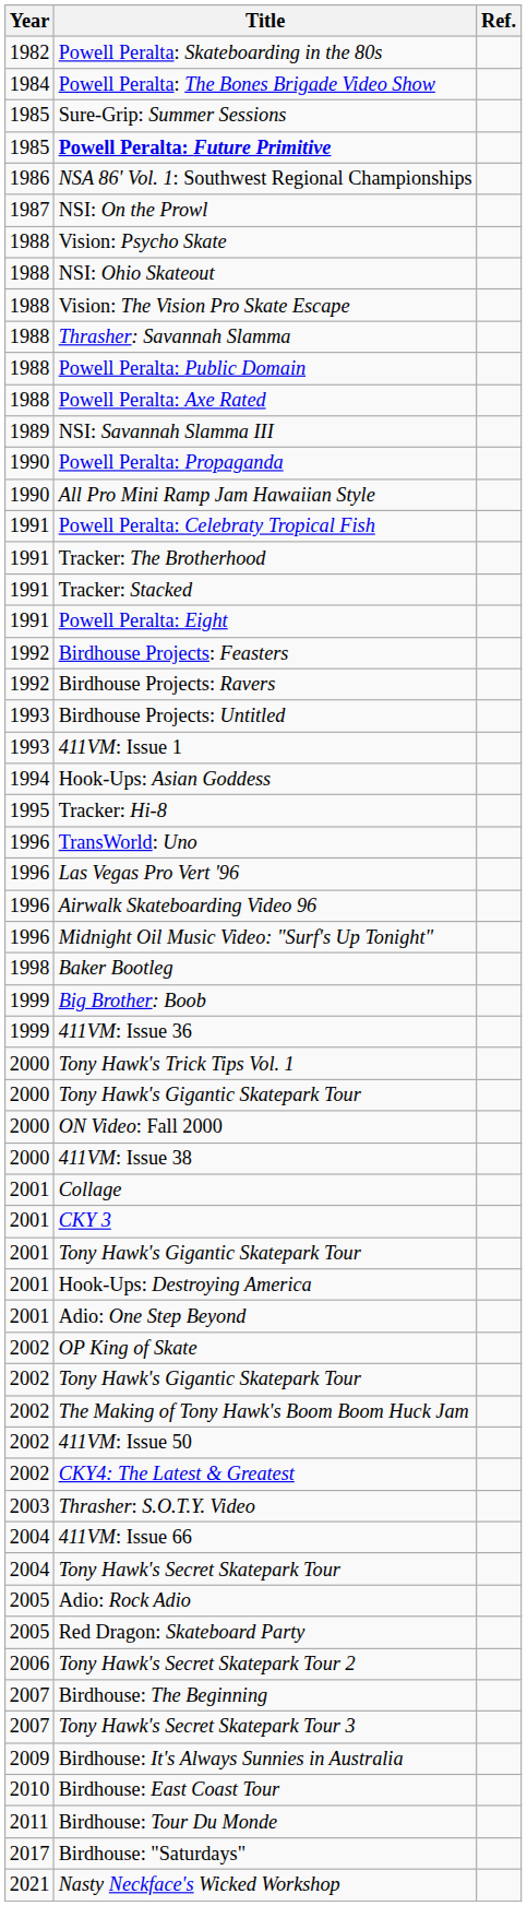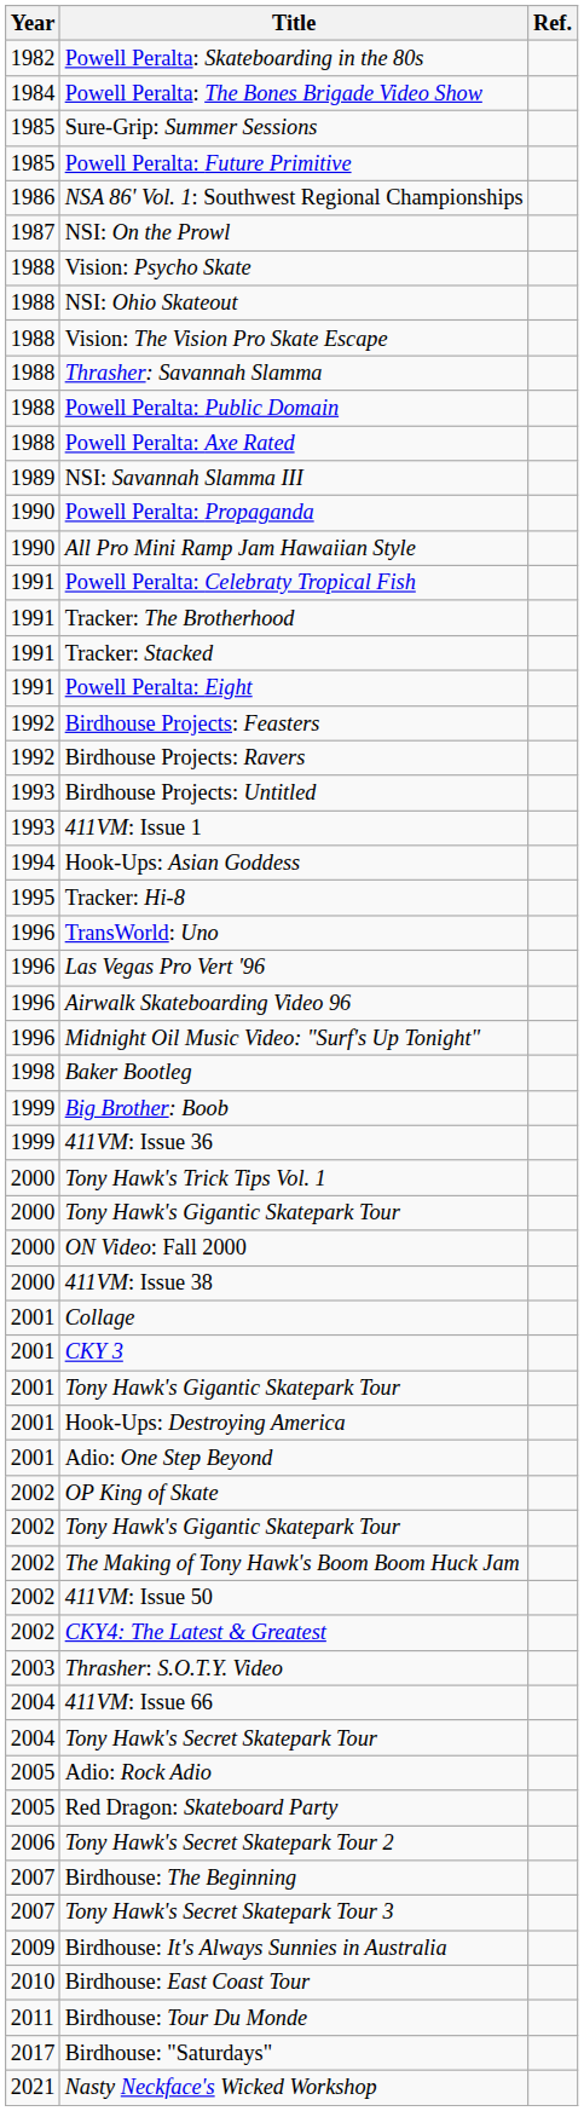 <table class="wikitable">
 <tr>
 <th>Year</th>
 <th>Title</th>
 <th>Ref.</th>
 </tr>
 <tr>
 <td>1982</td>
 <td><a href='#'>Powell Peralta</a>: <em>Skateboarding in the 80s</em></td>
 <td></td>
 </tr>
 <tr>
 <td>1984</td>
 <td><a href='#'>Powell Peralta</a>: <a href='#'><em>The Bones Brigade Video Show</em></a></td>
 <td></td>
 </tr>
 <tr>
 <td>1985</td>
 <td>Sure-Grip: <em>Summer Sessions</em></td>
 <td></td>
 </tr>
 <tr>
 <td>1985</td>
-<td><strong><a href='#'>Powell Peralta: <em>Future Primitive</em></a></strong></td>
+<td><a href='#'>Powell Peralta: <em>Future Primitive</em></a></td>
 <td></td>
 </tr>
 <tr>
 <td>1986</td>
 <td><em>NSA 86' Vol. 1</em>: Southwest Regional Championships</td>
 <td></td>
 </tr>
 <tr>
 <td>1987</td>
 <td>NSI: <em>On the Prowl</em></td>
 <td></td>
 </tr>
 <tr>
 <td>1988</td>
 <td>Vision: <em>Psycho Skate</em></td>
 <td></td>
 </tr>
 <tr>
 <td>1988</td>
 <td>NSI: <em>Ohio Skateout</em></td>
 <td></td>
 </tr>
 <tr>
 <td>1988</td>
 <td>Vision: <em>The Vision Pro Skate Escape</em></td>
 <td></td>
 </tr>
 <tr>
 <td>1988</td>
 <td><em><a href='#'>Thrasher</a>:</em> <em>Savannah Slamma</em></td>
 <td></td>
 </tr>
 <tr>
 <td>1988</td>
 <td><a href='#'>Powell Peralta: <em>Public Domain</em></a></td>
 <td></td>
 </tr>
 <tr>
 <td>1988</td>
 <td><a href='#'>Powell Peralta: <em>Axe Rated</em></a></td>
 <td></td>
 </tr>
 <tr>
 <td>1989</td>
 <td>NSI: <em>Savannah Slamma III</em></td>
 <td></td>
 </tr>
 <tr>
 <td>1990</td>
 <td><a href='#'>Powell Peralta: <em>Propaganda</em></a></td>
 <td></td>
 </tr>
 <tr>
 <td>1990</td>
 <td><em>All Pro Mini Ramp Jam Hawaiian Style</em></td>
 <td></td>
 </tr>
 <tr>
 <td>1991</td>
 <td><a href='#'>Powell Peralta: <em>Celebraty Tropical Fish</em></a></td>
 <td></td>
 </tr>
 <tr>
 <td>1991</td>
 <td>Tracker: <em>The Brotherhood</em></td>
 <td></td>
 </tr>
 <tr>
 <td>1991</td>
 <td>Tracker: <em>Stacked</em></td>
 <td></td>
 </tr>
 <tr>
 <td>1991</td>
 <td><a href='#'>Powell Peralta: <em>Eight</em></a></td>
 <td></td>
 </tr>
 <tr>
 <td>1992</td>
 <td><a href='#'>Birdhouse Projects</a>: <em>Feasters</em></td>
 <td></td>
 </tr>
 <tr>
 <td>1992</td>
 <td>Birdhouse Projects: <em>Ravers</em></td>
 <td></td>
 </tr>
 <tr>
 <td>1993</td>
 <td>Birdhouse Projects: <em>Untitled</em></td>
 <td></td>
 </tr>
 <tr>
 <td>1993</td>
 <td><em>411VM</em>: Issue 1</td>
 <td></td>
 </tr>
 <tr>
 <td>1994</td>
 <td>Hook-Ups: <em>Asian Goddess</em></td>
 <td></td>
 </tr>
 <tr>
 <td>1995</td>
 <td>Tracker: <em>Hi-8</em></td>
 <td></td>
 </tr>
 <tr>
 <td>1996</td>
 <td><a href='#'>TransWorld</a>: <em>Uno</em></td>
 <td></td>
 </tr>
 <tr>
 <td>1996</td>
 <td><em>Las Vegas Pro Vert '96</em></td>
 <td></td>
 </tr>
 <tr>
 <td>1996</td>
 <td><em>Airwalk Skateboarding Video 96</em></td>
 <td></td>
 </tr>
 <tr>
 <td>1996</td>
 <td><em>Midnight Oil Music Video: "Surf's Up Tonight"</em></td>
 <td></td>
 </tr>
 <tr>
 <td>1998</td>
 <td><em>Baker Bootleg</em></td>
 <td></td>
 </tr>
 <tr>
 <td>1999</td>
 <td><em><a href='#'>Big Brother</a>: Boob</em></td>
 <td></td>
 </tr>
 <tr>
 <td>1999</td>
 <td><em>411VM</em>: Issue 36</td>
 <td></td>
 </tr>
 <tr>
 <td>2000</td>
 <td><em>Tony Hawk's Trick Tips Vol. 1</em></td>
 <td></td>
 </tr>
 <tr>
 <td>2000</td>
 <td><em>Tony Hawk's Gigantic Skatepark Tour</em></td>
 <td></td>
 </tr>
 <tr>
 <td>2000</td>
 <td><em>ON Video</em>: Fall 2000</td>
 <td></td>
 </tr>
 <tr>
 <td>2000</td>
 <td><em>411VM</em>: Issue 38</td>
 <td></td>
 </tr>
 <tr>
 <td>2001</td>
 <td><em>Collage</em></td>
 <td></td>
 </tr>
 <tr>
 <td>2001</td>
 <td><em><a href='#'>CKY 3</a></em></td>
 <td></td>
 </tr>
 <tr>
 <td>2001</td>
 <td><em>Tony Hawk's Gigantic Skatepark Tour</em></td>
 <td></td>
 </tr>
 <tr>
 <td>2001</td>
 <td>Hook-Ups: <em>Destroying America</em></td>
 <td></td>
 </tr>
 <tr>
 <td>2001</td>
 <td>Adio: <em>One Step Beyond</em></td>
 <td></td>
 </tr>
 <tr>
 <td>2002</td>
 <td><em>OP King of Skate</em></td>
 <td></td>
 </tr>
 <tr>
 <td>2002</td>
 <td><em>Tony Hawk's Gigantic Skatepark Tour</em></td>
 <td></td>
 </tr>
 <tr>
 <td>2002</td>
 <td><em>The Making of Tony Hawk's Boom Boom Huck Jam</em></td>
 <td></td>
 </tr>
 <tr>
 <td>2002</td>
 <td><em>411VM</em>: Issue 50</td>
 <td></td>
 </tr>
 <tr>
 <td>2002</td>
 <td><em><a href='#'>CKY4: The Latest & Greatest</a></em></td>
 <td></td>
 </tr>
 <tr>
 <td>2003</td>
 <td><em>Thrasher</em>: <em>S.O.T.Y. Video</em></td>
 <td></td>
 </tr>
 <tr>
 <td>2004</td>
 <td><em>411VM</em>: Issue 66</td>
 <td></td>
 </tr>
 <tr>
 <td>2004</td>
 <td><em>Tony Hawk's Secret Skatepark Tour</em></td>
 <td></td>
 </tr>
 <tr>
 <td>2005</td>
 <td>Adio: <em>Rock Adio</em></td>
 <td></td>
 </tr>
 <tr>
 <td>2005</td>
 <td>Red Dragon: <em>Skateboard Party</em></td>
 <td></td>
 </tr>
 <tr>
 <td>2006</td>
 <td><em>Tony Hawk's Secret Skatepark Tour 2</em></td>
 <td></td>
 </tr>
 <tr>
 <td>2007</td>
 <td>Birdhouse: <em>The Beginning</em></td>
 <td></td>
 </tr>
 <tr>
 <td>2007</td>
 <td><em>Tony Hawk's Secret Skatepark Tour 3</em></td>
 <td></td>
 </tr>
 <tr>
 <td>2009</td>
 <td>Birdhouse: <em>It's Always Sunnies in Australia</em></td>
 <td></td>
 </tr>
 <tr>
 <td>2010</td>
 <td>Birdhouse: <em>East Coast Tour</em></td>
 <td></td>
 </tr>
 <tr>
 <td>2011</td>
 <td>Birdhouse: <em>Tour Du Monde</em></td>
 <td></td>
 </tr>
 <tr>
 <td>2017</td>
 <td>Birdhouse: "Saturdays"</td>
 <td></td>
 </tr>
 <tr>
 <td>2021</td>
 <td><em>Nasty <a href='#'>Neckface's</a> Wicked Workshop</em></td>
 <td></td>
 </tr>
 <tr>
 </tr>
 </table>
